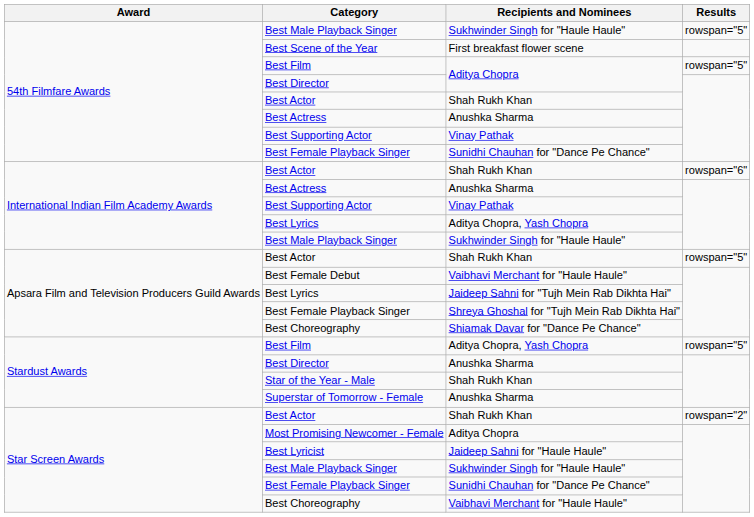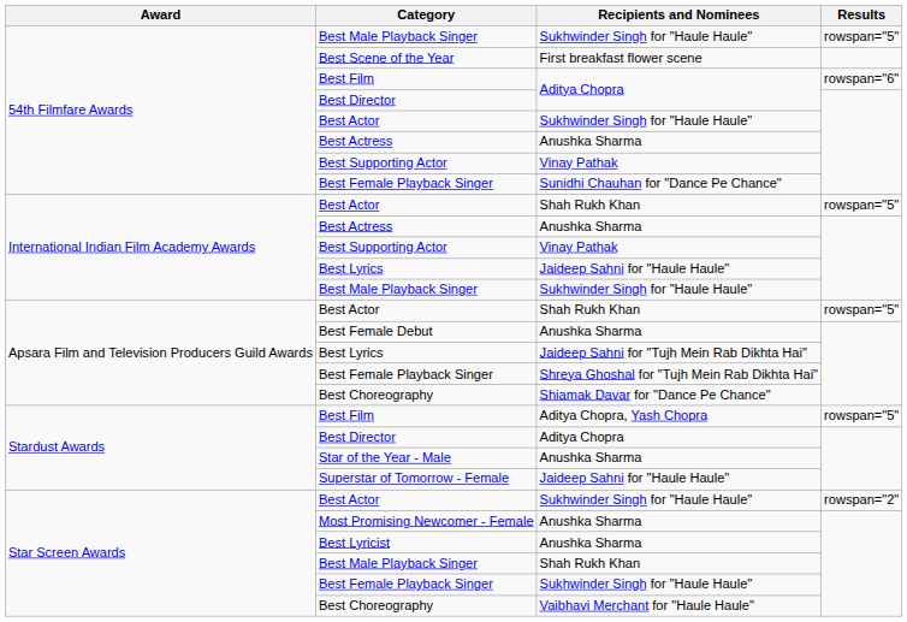 <table class="wikitable plainrowheaders sortable">
 <tr>
 <th>Award</th>
 <th>Category</th>
 <th>Recipients and Nominees</th>
 <th>Results</th>
 </tr>
 <tr>
 <td rowspan="8"><a href='#'>54th Filmfare Awards</a></td>
 <td><a href='#'>Best Male Playback Singer</a></td>
 <td><a href='#'>Sukhwinder Singh</a> for "Haule Haule"</td>
 <td>rowspan="5" </td>
 </tr>
 <tr>
 <td><a href='#'>Best Scene of the Year</a></td>
 <td>First breakfast flower scene</td>
 </tr>
 <tr>
 <td><a href='#'>Best Film</a></td>
 <td rowspan="2"><a href='#'>Aditya Chopra</a></td>
-<td>rowspan="5" </td>
+<td>rowspan="6" </td>
 </tr>
 <tr>
 <td><a href='#'>Best Director</a></td>
 </tr>
 <tr>
 <td><a href='#'>Best Actor</a></td>
-<td>Shah Rukh Khan</td>
+<td><a href='#'>Sukhwinder Singh</a> for "Haule Haule"</td>
 </tr>
 <tr>
 <td><a href='#'>Best Actress</a></td>
 <td>Anushka Sharma</td>
 </tr>
 <tr>
 <td><a href='#'>Best Supporting Actor</a></td>
 <td><a href='#'>Vinay Pathak</a></td>
 </tr>
 <tr>
 <td><a href='#'>Best Female Playback Singer</a></td>
 <td><a href='#'>Sunidhi Chauhan</a> for "Dance Pe Chance"</td>
 </tr>
 <tr>
 <td rowspan="5"><a href='#'>International Indian Film Academy Awards</a></td>
 <td><a href='#'>Best Actor</a></td>
 <td>Shah Rukh Khan</td>
-<td>rowspan="6" </td>
+<td>rowspan="5" </td>
 </tr>
 <tr>
 <td><a href='#'>Best Actress</a></td>
 <td>Anushka Sharma</td>
 </tr>
 <tr>
 <td><a href='#'>Best Supporting Actor</a></td>
 <td><a href='#'>Vinay Pathak</a></td>
 </tr>
 <tr>
 <td><a href='#'>Best Lyrics</a></td>
-<td>Aditya Chopra, <a href='#'>Yash Chopra</a></td>
+<td><a href='#'>Jaideep Sahni</a> for "Haule Haule"</td>
 </tr>
 <tr>
 <td><a href='#'>Best Male Playback Singer</a></td>
 <td><a href='#'>Sukhwinder Singh</a> for "Haule Haule"</td>
 </tr>
 <tr>
 <td rowspan="5">Apsara Film and Television Producers Guild Awards</td>
 <td>Best Actor</td>
 <td>Shah Rukh Khan</td>
 <td>rowspan="5" </td>
 </tr>
 <tr>
 <td>Best Female Debut</td>
-<td><a href='#'>Vaibhavi Merchant</a> for "Haule Haule"</td>
+<td>Anushka Sharma</td>
 </tr>
 <tr>
 <td>Best Lyrics</td>
 <td><a href='#'>Jaideep Sahni</a> for "Tujh Mein Rab Dikhta Hai"</td>
 </tr>
 <tr>
 <td>Best Female Playback Singer</td>
 <td><a href='#'>Shreya Ghoshal</a> for "Tujh Mein Rab Dikhta Hai"</td>
 </tr>
 <tr>
 <td>Best Choreography</td>
 <td><a href='#'>Shiamak Davar</a> for "Dance Pe Chance"</td>
 </tr>
 <tr>
 <td rowspan="4"><a href='#'>Stardust Awards</a></td>
 <td><a href='#'>Best Film</a></td>
 <td>Aditya Chopra, <a href='#'>Yash Chopra</a></td>
 <td>rowspan="5" </td>
 </tr>
 <tr>
 <td><a href='#'>Best Director</a></td>
+<td>Aditya Chopra</td>
+</tr>
+<tr>
+<td><a href='#'>Star of the Year - Male</a></td>
 <td>Anushka Sharma</td>
 </tr>
 <tr>
-<td><a href='#'>Star of the Year - Male</a></td>
-<td>Shah Rukh Khan</td>
-</tr>
-<tr>
 <td><a href='#'>Superstar of Tomorrow - Female</a></td>
-<td>Anushka Sharma</td>
+<td><a href='#'>Jaideep Sahni</a> for "Haule Haule"</td>
 </tr>
 <tr>
 <td rowspan="6"><a href='#'>Star Screen Awards</a></td>
 <td><a href='#'>Best Actor</a></td>
-<td>Shah Rukh Khan</td>
+<td><a href='#'>Sukhwinder Singh</a> for "Haule Haule"</td>
 <td>rowspan="2" </td>
 </tr>
 <tr>
 <td><a href='#'>Most Promising Newcomer - Female</a></td>
-<td>Aditya Chopra</td>
+<td>Anushka Sharma</td>
 </tr>
 <tr>
 <td><a href='#'>Best Lyricist</a></td>
-<td><a href='#'>Jaideep Sahni</a> for "Haule Haule"</td>
+<td>Anushka Sharma</td>
 </tr>
 <tr>
 <td><a href='#'>Best Male Playback Singer</a></td>
-<td><a href='#'>Sukhwinder Singh</a> for "Haule Haule"</td>
+<td>Shah Rukh Khan</td>
 </tr>
 <tr>
 <td><a href='#'>Best Female Playback Singer</a></td>
-<td><a href='#'>Sunidhi Chauhan</a> for "Dance Pe Chance"</td>
+<td><a href='#'>Sukhwinder Singh</a> for "Haule Haule"</td>
 </tr>
 <tr>
 <td>Best Choreography</td>
 <td><a href='#'>Vaibhavi Merchant</a> for "Haule Haule"</td>
 </tr>
 </table>
